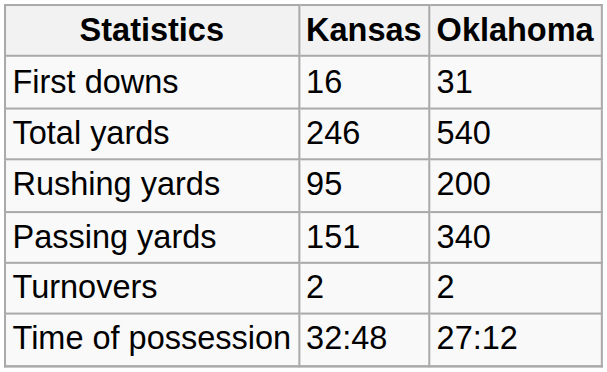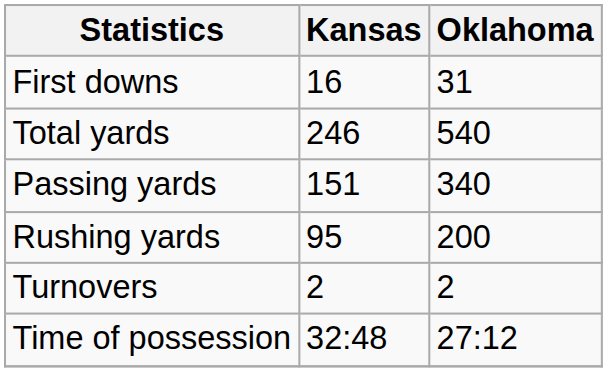 <table class="wikitable">
 <tr>
 <th>Statistics</th>
 <th>Kansas</th>
 <th>Oklahoma</th>
 </tr>
 <tr>
 <td>First downs</td>
 <td>16</td>
 <td>31</td>
 </tr>
 <tr>
 <td>Total yards</td>
 <td>246</td>
 <td>540</td>
 </tr>
 <tr>
+<td>Passing yards</td>
+<td>151</td>
+<td>340</td>
+</tr>
+<tr>
 <td>Rushing yards</td>
 <td>95</td>
 <td>200</td>
-</tr>
-<tr>
-<td>Passing yards</td>
-<td>151</td>
-<td>340</td>
 </tr>
 <tr>
 <td>Turnovers</td>
 <td>2</td>
 <td>2</td>
 </tr>
 <tr>
 <td>Time of possession</td>
 <td>32:48</td>
 <td>27:12</td>
 </tr>
 <tr>
 </tr>
 </table>
